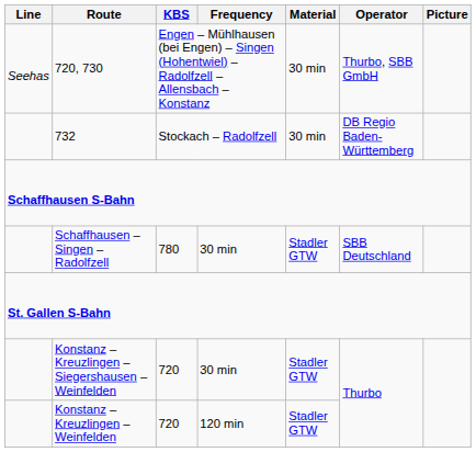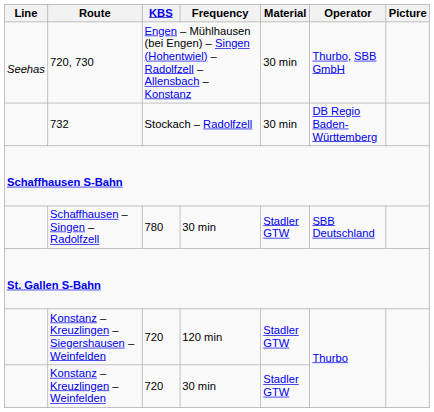 <table class="wikitable sortable" style="">
 <tr>
 <th>Line</th>
 <th>Route</th>
 <th><a href='#'>KBS</a></th>
 <th>Frequency</th>
 <th>Material</th>
 <th>Operator</th>
 <th>Picture</th>
 </tr>
 <tr>
 <td align="center"><br><em>Seehas</em></td>
 <td>720, 730</td>
 <td colspan="2"><a href='#'>Engen</a> – Mühlhausen (bei Engen) – <a href='#'>Singen (Hohentwiel)</a> – <a href='#'>Radolfzell</a> – <a href='#'>Allensbach</a> – <a href='#'>Konstanz</a></td>
 <td>30 min</td>
 <td><a href='#'>Thurbo</a>, <a href='#'>SBB GmbH</a></td>
 <td></td>
 </tr>
 <tr>
 <td align="center"></td>
 <td>732</td>
 <td colspan="2">Stockach – <a href='#'>Radolfzell</a></td>
 <td>30 min</td>
 <td><a href='#'>DB Regio Baden-Württemberg</a></td>
 <td></td>
 </tr>
 <tr>
 <td colspan="7"><br><h4><a href='#'>Schaffhausen S-Bahn</a></h4></td>
 </tr>
 <tr>
 <td></td>
 <td><a href='#'>Schaffhausen</a> – <a href='#'>Singen</a> – <a href='#'>Radolfzell</a></td>
 <td>780</td>
 <td>30 min</td>
 <td><a href='#'>Stadler GTW</a></td>
 <td><a href='#'>SBB Deutschland</a></td>
 <td></td>
 </tr>
 <tr>
 <td colspan="7"><br><h4><a href='#'>St. Gallen S-Bahn</a></h4></td>
 </tr>
 <tr>
 <td></td>
 <td><a href='#'>Konstanz</a> – <a href='#'>Kreuzlingen</a> – <a href='#'>Siegershausen</a> – <a href='#'>Weinfelden</a></td>
 <td>720</td>
-<td>30 min</td>
+<td>120 min</td>
 <td><a href='#'>Stadler GTW</a></td>
 <td rowspan="2"><a href='#'>Thurbo</a></td>
 <td rowspan="2"></td>
 </tr>
 <tr>
 <td></td>
 <td><a href='#'>Konstanz</a> – <a href='#'>Kreuzlingen</a> – <a href='#'>Weinfelden</a></td>
 <td>720</td>
-<td>120 min</td>
+<td>30 min</td>
 <td><a href='#'>Stadler GTW</a></td>
 </tr>
 </table>
